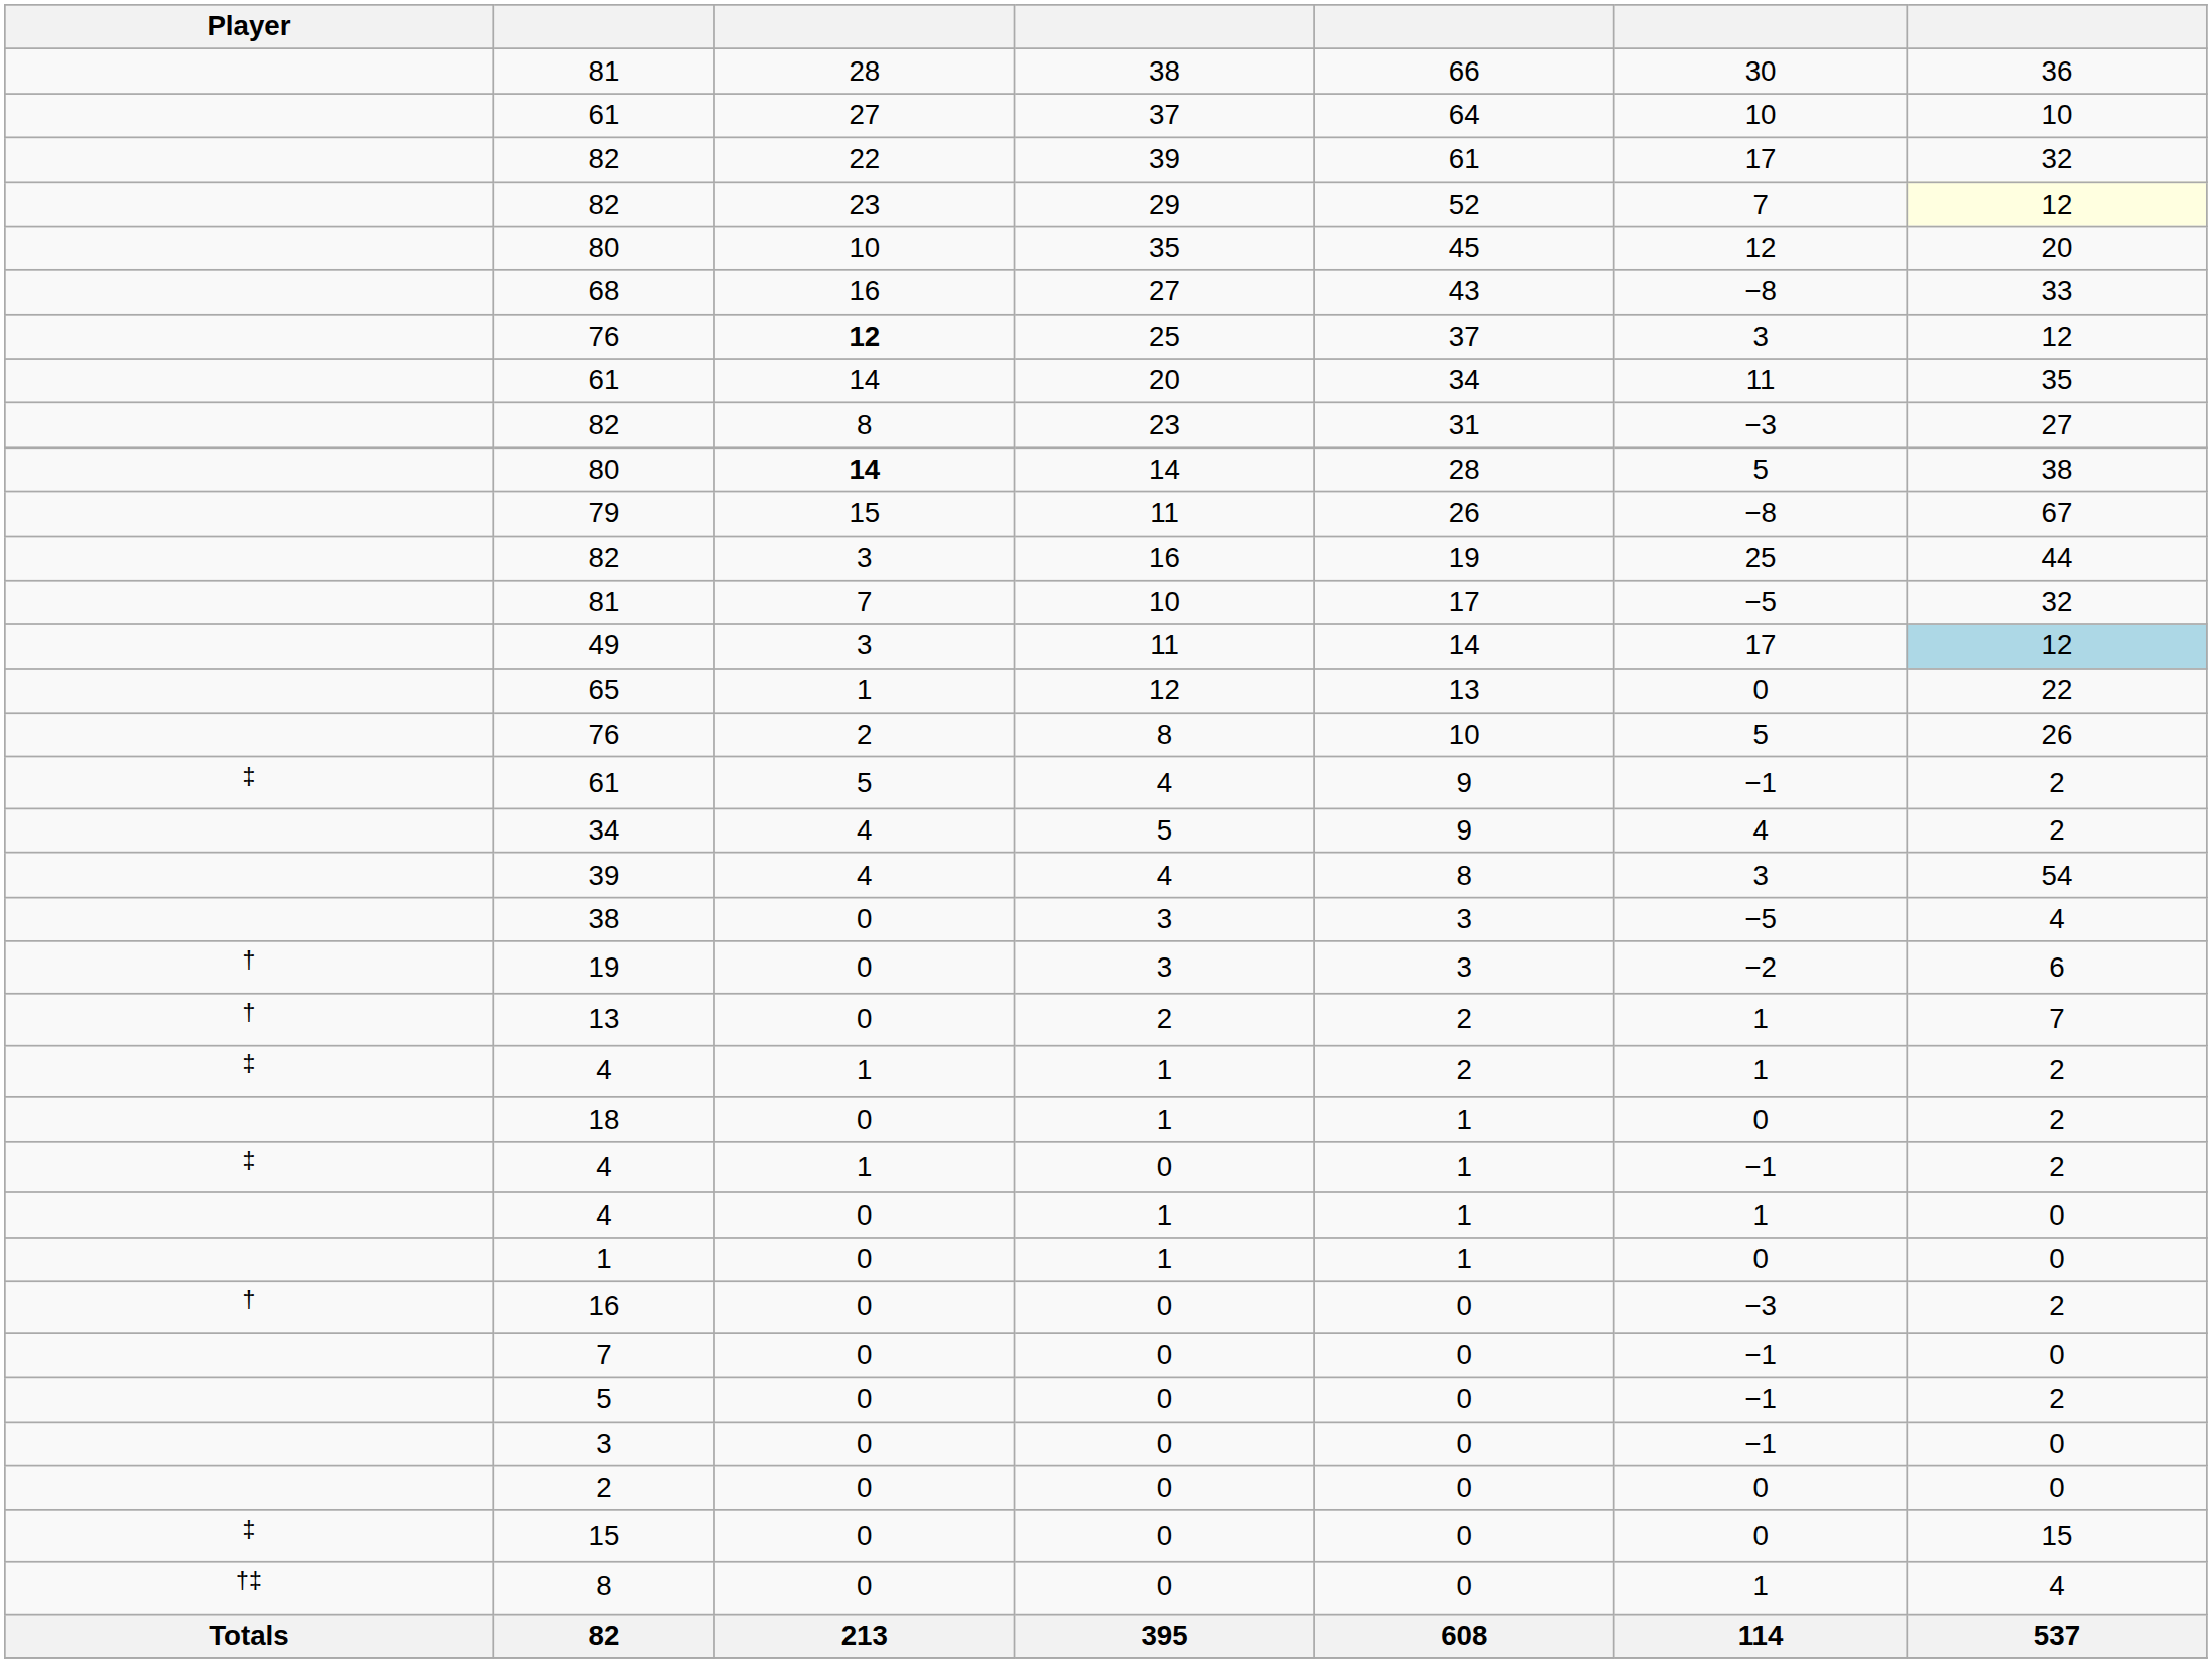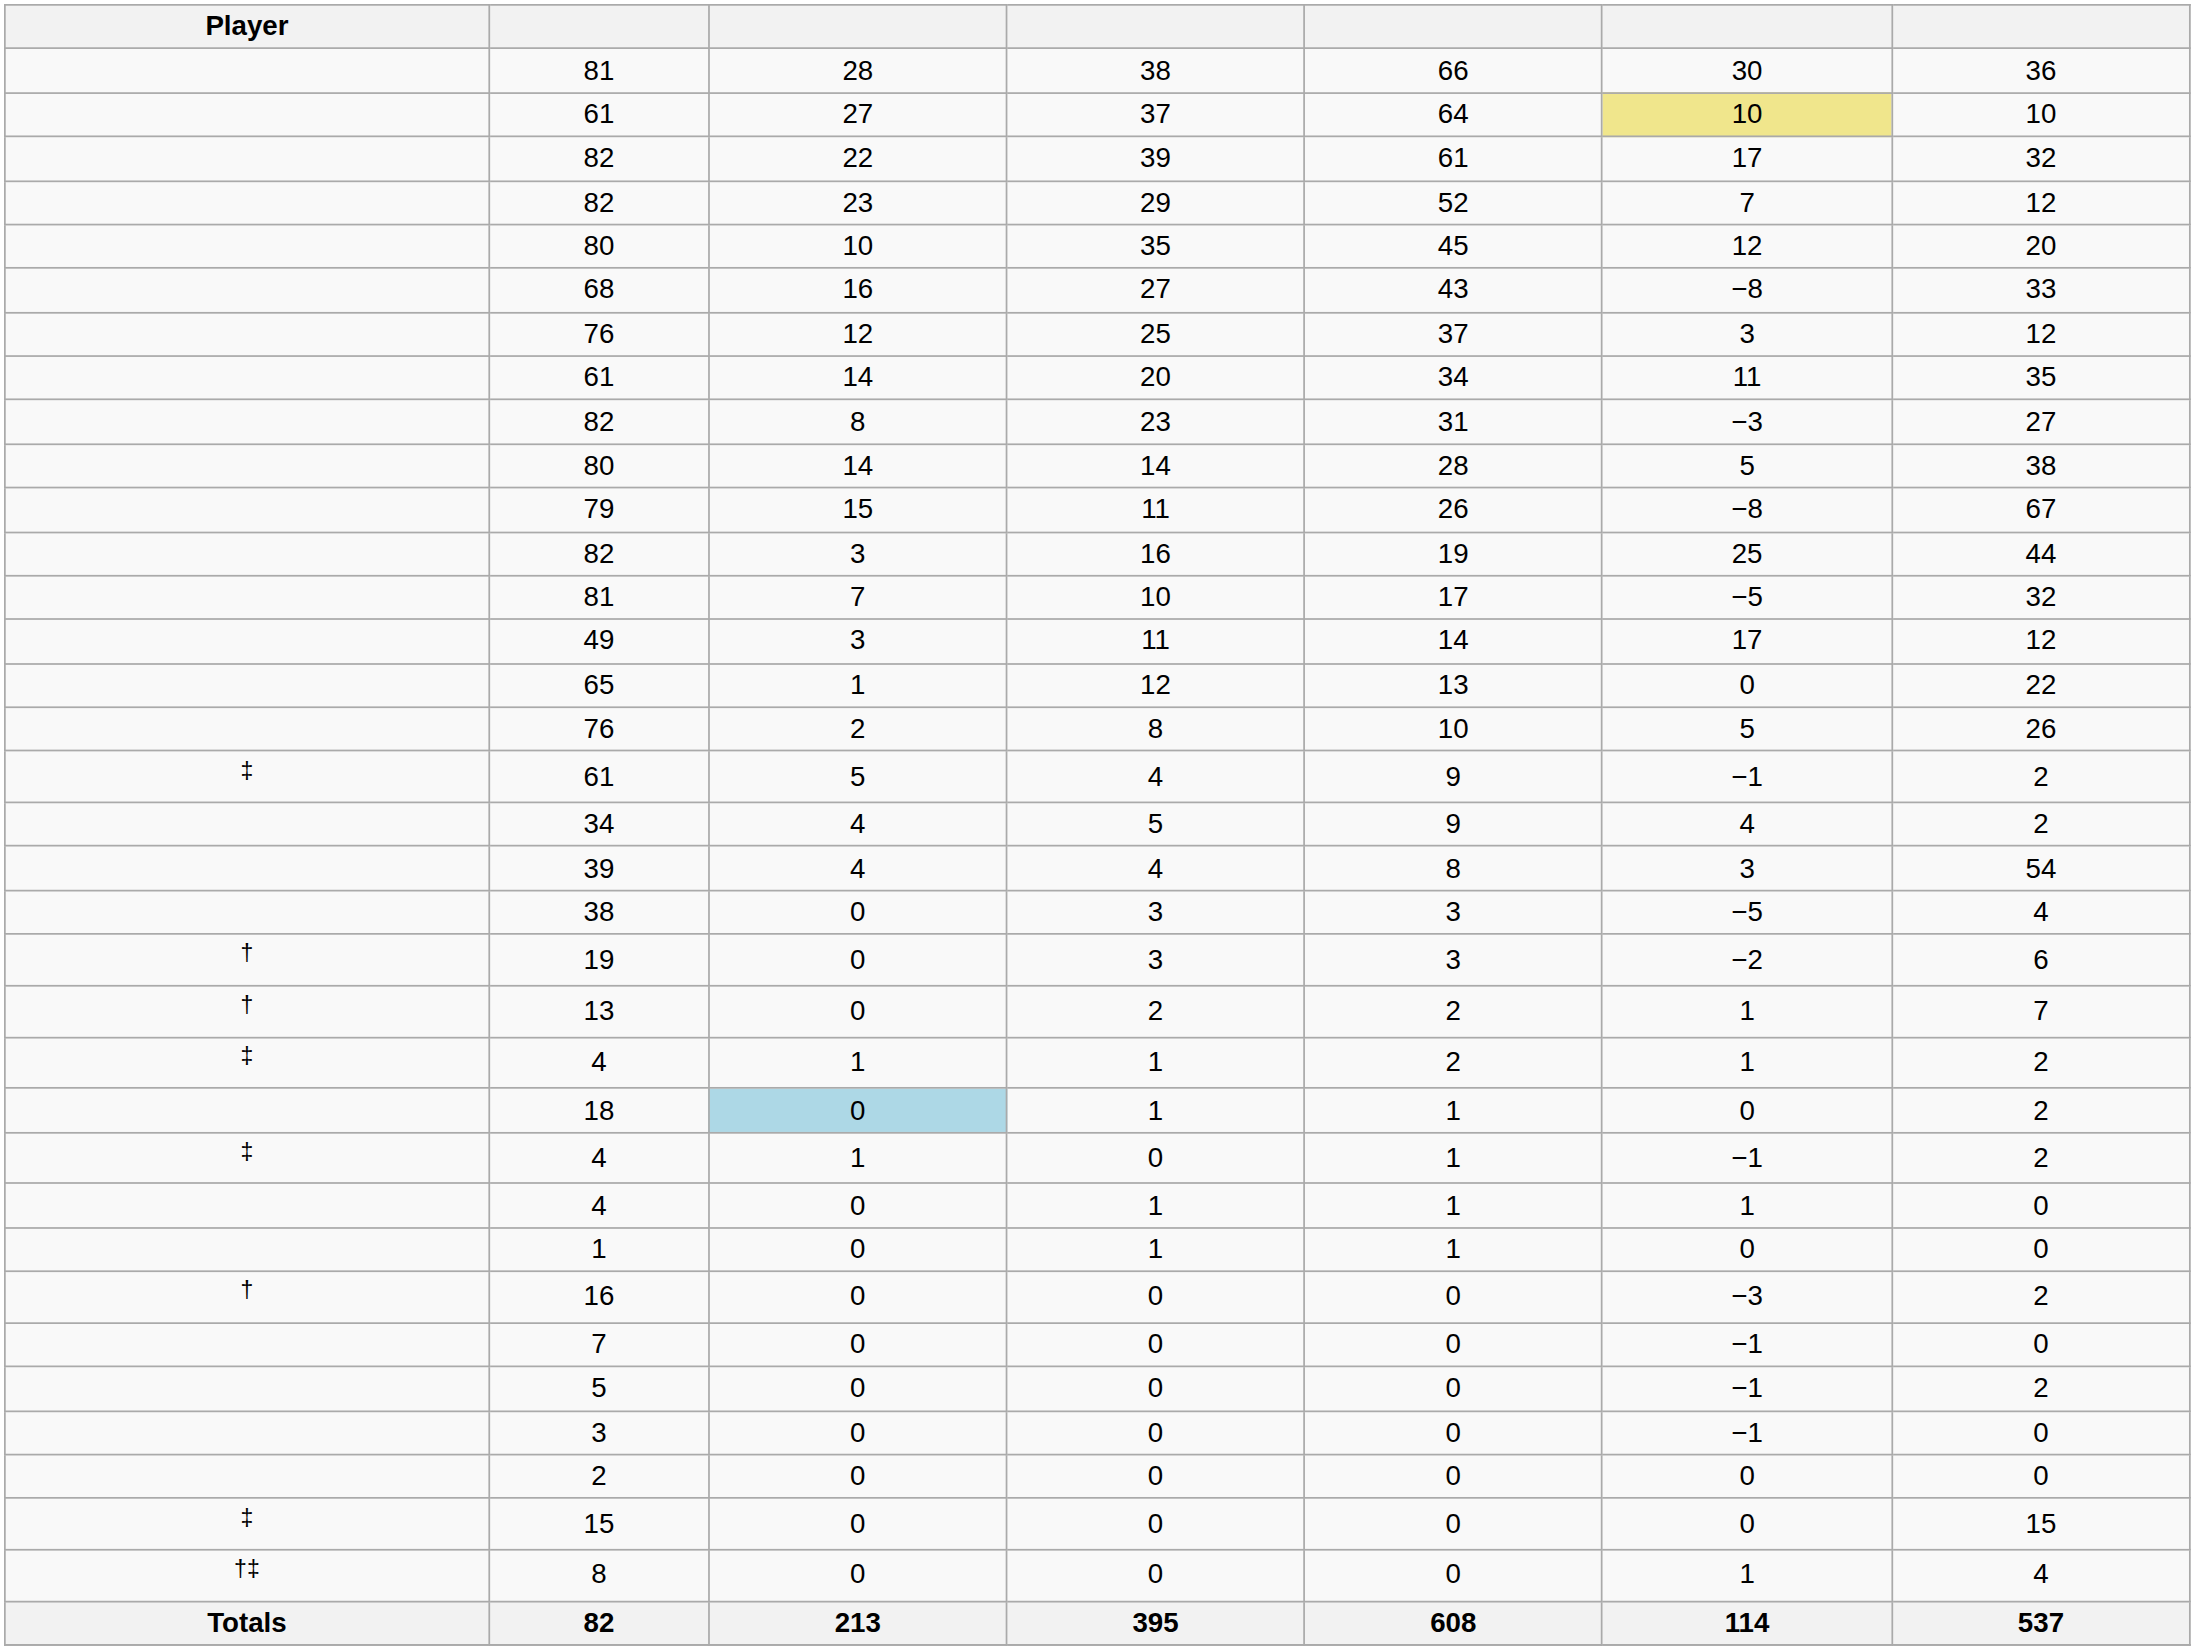 <table class="wikitable sortable" style="width:100%;">
 <tr align=center>
 <th>Player</th>
 <th></th>
 <th></th>
 <th></th>
 <th></th>
 <th data-sort-type="number"></th>
 <th></th>
 </tr>
 <tr align=center>
 <td></td>
 <td>81</td>
 <td>28</td>
 <td>38</td>
 <td>66</td>
 <td>30</td>
 <td>36</td>
 </tr>
 <tr align=center>
 <td></td>
 <td>61</td>
 <td>27</td>
 <td>37</td>
 <td>64</td>
-<td>10</td>
+<td style="background: khaki;">10</td>
 <td>10</td>
 </tr>
 <tr align=center>
 <td></td>
 <td>82</td>
 <td>22</td>
 <td>39</td>
 <td>61</td>
 <td>17</td>
 <td>32</td>
 </tr>
 <tr align=center>
 <td></td>
 <td>82</td>
 <td>23</td>
 <td>29</td>
 <td>52</td>
 <td>7</td>
-<td style="background: lightyellow;">12</td>
+<td>12</td>
 </tr>
 <tr align=center>
 <td></td>
 <td>80</td>
 <td>10</td>
 <td>35</td>
 <td>45</td>
 <td>12</td>
 <td>20</td>
 </tr>
 <tr align=center>
 <td></td>
 <td>68</td>
 <td>16</td>
 <td>27</td>
 <td>43</td>
 <td>−8</td>
 <td>33</td>
 </tr>
 <tr align=center>
 <td></td>
 <td>76</td>
-<td><strong>12</strong></td>
+<td>12</td>
 <td>25</td>
 <td>37</td>
 <td>3</td>
 <td>12</td>
 </tr>
 <tr align=center>
 <td></td>
 <td>61</td>
 <td>14</td>
 <td>20</td>
 <td>34</td>
 <td>11</td>
 <td>35</td>
 </tr>
 <tr align=center>
 <td></td>
 <td>82</td>
 <td>8</td>
 <td>23</td>
 <td>31</td>
 <td>−3</td>
 <td>27</td>
 </tr>
 <tr align=center>
 <td></td>
 <td>80</td>
-<td><strong>14</strong></td>
+<td>14</td>
 <td>14</td>
 <td>28</td>
 <td>5</td>
 <td>38</td>
 </tr>
 <tr align=center>
 <td></td>
 <td>79</td>
 <td>15</td>
 <td>11</td>
 <td>26</td>
 <td>−8</td>
 <td>67</td>
 </tr>
 <tr align=center>
 <td></td>
 <td>82</td>
 <td>3</td>
 <td>16</td>
 <td>19</td>
 <td>25</td>
 <td>44</td>
 </tr>
 <tr align=center>
 <td></td>
 <td>81</td>
 <td>7</td>
 <td>10</td>
 <td>17</td>
 <td>−5</td>
 <td>32</td>
 </tr>
 <tr align=center>
 <td></td>
 <td>49</td>
 <td>3</td>
 <td>11</td>
 <td>14</td>
 <td>17</td>
-<td style="background: lightblue;">12</td>
+<td>12</td>
 </tr>
 <tr align=center>
 <td></td>
 <td>65</td>
 <td>1</td>
 <td>12</td>
 <td>13</td>
 <td>0</td>
 <td>22</td>
 </tr>
 <tr align=center>
 <td></td>
 <td>76</td>
 <td>2</td>
 <td>8</td>
 <td>10</td>
 <td>5</td>
 <td>26</td>
 </tr>
 <tr align=center>
 <td><sup>‡</sup></td>
 <td>61</td>
 <td>5</td>
 <td>4</td>
 <td>9</td>
 <td>−1</td>
 <td>2</td>
 </tr>
 <tr align=center>
 <td></td>
 <td>34</td>
 <td>4</td>
 <td>5</td>
 <td>9</td>
 <td>4</td>
 <td>2</td>
 </tr>
 <tr align=center>
 <td></td>
 <td>39</td>
 <td>4</td>
 <td>4</td>
 <td>8</td>
 <td>3</td>
 <td>54</td>
 </tr>
 <tr align=center>
 <td></td>
 <td>38</td>
 <td>0</td>
 <td>3</td>
 <td>3</td>
 <td>−5</td>
 <td>4</td>
 </tr>
 <tr align=center>
 <td><sup>†</sup></td>
 <td>19</td>
 <td>0</td>
 <td>3</td>
 <td>3</td>
 <td>−2</td>
 <td>6</td>
 </tr>
 <tr align=center>
 <td><sup>†</sup></td>
 <td>13</td>
 <td>0</td>
 <td>2</td>
 <td>2</td>
 <td>1</td>
 <td>7</td>
 </tr>
 <tr align=center>
 <td><sup>‡</sup></td>
 <td>4</td>
 <td>1</td>
 <td>1</td>
 <td>2</td>
 <td>1</td>
 <td>2</td>
 </tr>
 <tr align=center>
 <td></td>
 <td>18</td>
-<td>0</td>
+<td style="background: lightblue;">0</td>
 <td>1</td>
 <td>1</td>
 <td>0</td>
 <td>2</td>
 </tr>
 <tr align=center>
 <td><sup>‡</sup></td>
 <td>4</td>
 <td>1</td>
 <td>0</td>
 <td>1</td>
 <td>−1</td>
 <td>2</td>
 </tr>
 <tr align=center>
 <td></td>
 <td>4</td>
 <td>0</td>
 <td>1</td>
 <td>1</td>
 <td>1</td>
 <td>0</td>
 </tr>
 <tr align=center>
 <td></td>
 <td>1</td>
 <td>0</td>
 <td>1</td>
 <td>1</td>
 <td>0</td>
 <td>0</td>
 </tr>
 <tr align=center>
 <td><sup>†</sup></td>
 <td>16</td>
 <td>0</td>
 <td>0</td>
 <td>0</td>
 <td>−3</td>
 <td>2</td>
 </tr>
 <tr align=center>
 <td></td>
 <td>7</td>
 <td>0</td>
 <td>0</td>
 <td>0</td>
 <td>−1</td>
 <td>0</td>
 </tr>
 <tr align=center>
 <td></td>
 <td>5</td>
 <td>0</td>
 <td>0</td>
 <td>0</td>
 <td>−1</td>
 <td>2</td>
 </tr>
 <tr align=center>
 <td></td>
 <td>3</td>
 <td>0</td>
 <td>0</td>
 <td>0</td>
 <td>−1</td>
 <td>0</td>
 </tr>
 <tr align=center>
 <td></td>
 <td>2</td>
 <td>0</td>
 <td>0</td>
 <td>0</td>
 <td>0</td>
 <td>0</td>
 </tr>
 <tr align=center>
 <td><sup>‡</sup></td>
 <td>15</td>
 <td>0</td>
 <td>0</td>
 <td>0</td>
 <td>0</td>
 <td>15</td>
 </tr>
 <tr align=center>
 <td><sup>†‡</sup></td>
 <td>8</td>
 <td>0</td>
 <td>0</td>
 <td>0</td>
 <td>1</td>
 <td>4</td>
 </tr>
 <tr class="unsortable">
 <th>Totals</th>
 <th>82</th>
 <th>213</th>
 <th>395</th>
 <th>608</th>
 <th>114</th>
 <th>537</th>
 </tr>
 <tr>
 </tr>
 </table>
